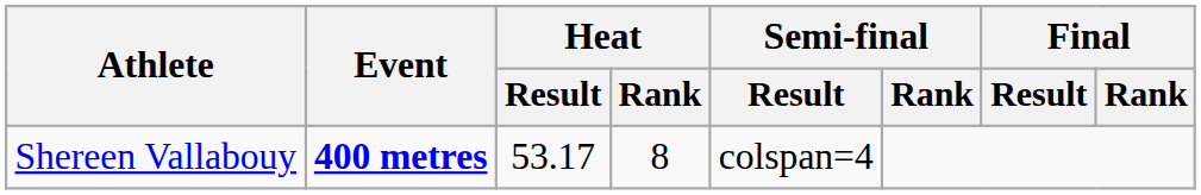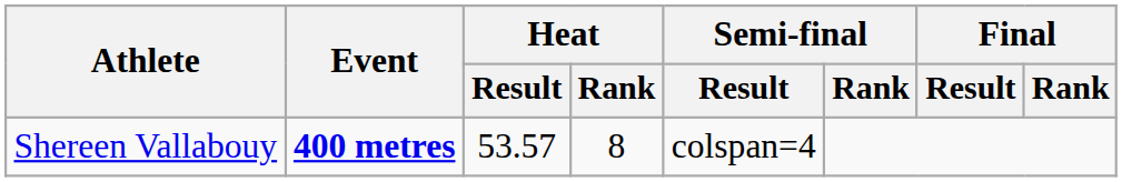 <table class=wikitable style=font-size:90%>
 <tr>
 <th rowspan=2>Athlete</th>
 <th rowspan=2>Event</th>
 <th colspan=2>Heat</th>
 <th colspan=2>Semi-final</th>
 <th colspan=2>Final</th>
 </tr>
 <tr style=font-size:95%>
 <th>Result</th>
 <th>Rank</th>
 <th>Result</th>
 <th>Rank</th>
 <th>Result</th>
 <th>Rank</th>
 </tr>
 <tr align=center>
 <td align=left><a href='#'>Shereen Vallabouy</a></td>
 <td align=left><strong><a href='#'>400 metres</a></strong></td>
-<td>53.17</td>
+<td>53.57</td>
 <td>8</td>
 <td>colspan=4 </td>
 </tr>
 </table>
